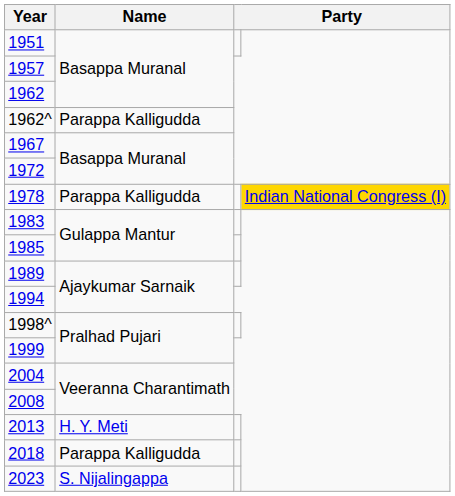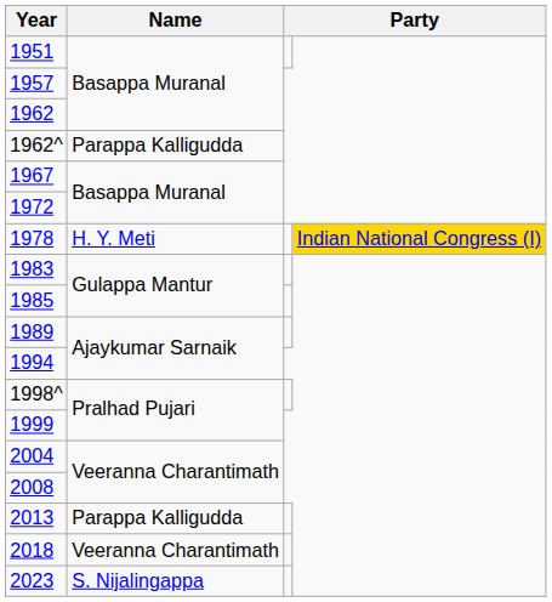 <table class="wikitable">
 <tr>
 <th>Year</th>
 <th>Name</th>
 <th colspan=2>Party</th>
 </tr>
 <tr>
 <td><a href='#'>1951</a></td>
 <td rowspan=3>Basappa Muranal</td>
 <td></td>
 </tr>
 <tr>
 <td><a href='#'>1957</a></td>
 </tr>
 <tr>
 <td><a href='#'>1962</a></td>
 </tr>
 <tr>
 <td>1962^</td>
 <td>Parappa Kalligudda</td>
 </tr>
 <tr>
 <td><a href='#'>1967</a></td>
 <td rowspan=2>Basappa Muranal</td>
 </tr>
 <tr>
 <td><a href='#'>1972</a></td>
 </tr>
 <tr>
 <td><a href='#'>1978</a></td>
-<td>Parappa Kalligudda</td>
+<td><a href='#'>H. Y. Meti</a></td>
 <td style="background-color :"></td>
 <td style="background: gold;"><a href='#'>Indian National Congress (I)</a></td>
 </tr>
 <tr>
 <td><a href='#'>1983</a></td>
 <td rowspan=2>Gulappa Mantur</td>
 <td></td>
 </tr>
 <tr>
 <td><a href='#'>1985</a></td>
 <td></td>
 </tr>
 <tr>
 <td><a href='#'>1989</a></td>
 <td rowspan=2>Ajaykumar Sarnaik</td>
 <td></td>
 </tr>
 <tr>
 <td><a href='#'>1994</a></td>
 </tr>
 <tr>
 <td>1998^</td>
 <td rowspan=2>Pralhad Pujari</td>
 <td></td>
 </tr>
 <tr>
 <td><a href='#'>1999</a></td>
 </tr>
 <tr>
 <td><a href='#'>2004</a></td>
 <td rowspan=2>Veeranna Charantimath</td>
 </tr>
 <tr>
 <td><a href='#'>2008</a></td>
 </tr>
 <tr>
 <td><a href='#'>2013</a></td>
-<td><a href='#'>H. Y. Meti</a></td>
+<td>Parappa Kalligudda</td>
 <td></td>
 </tr>
 <tr>
 <td><a href='#'>2018</a></td>
-<td>Parappa Kalligudda</td>
+<td>Veeranna Charantimath</td>
 <td></td>
 </tr>
 <tr>
 <td><a href='#'>2023</a></td>
 <td><a href='#'>S. Nijalingappa</a></td>
 <td></td>
 </tr>
 </table>
